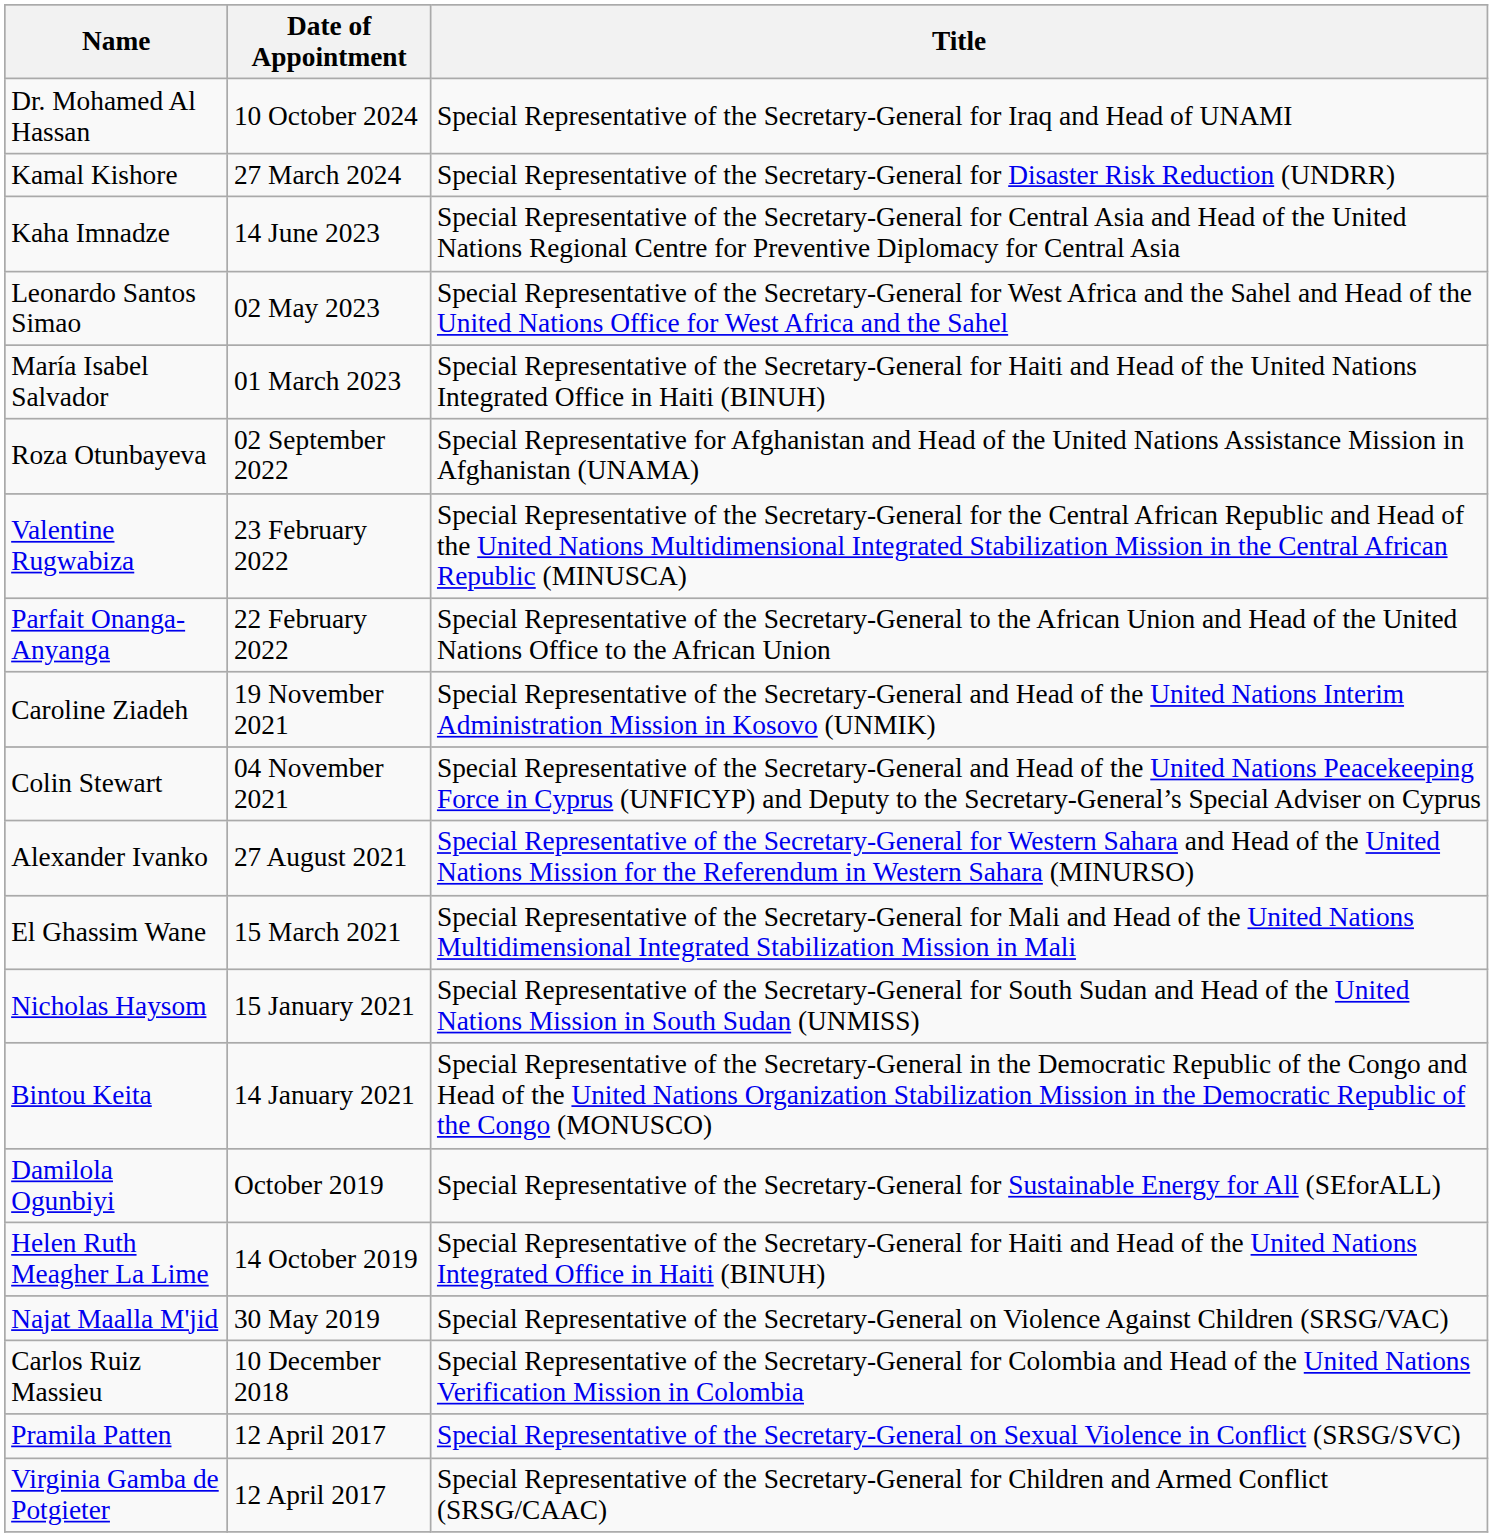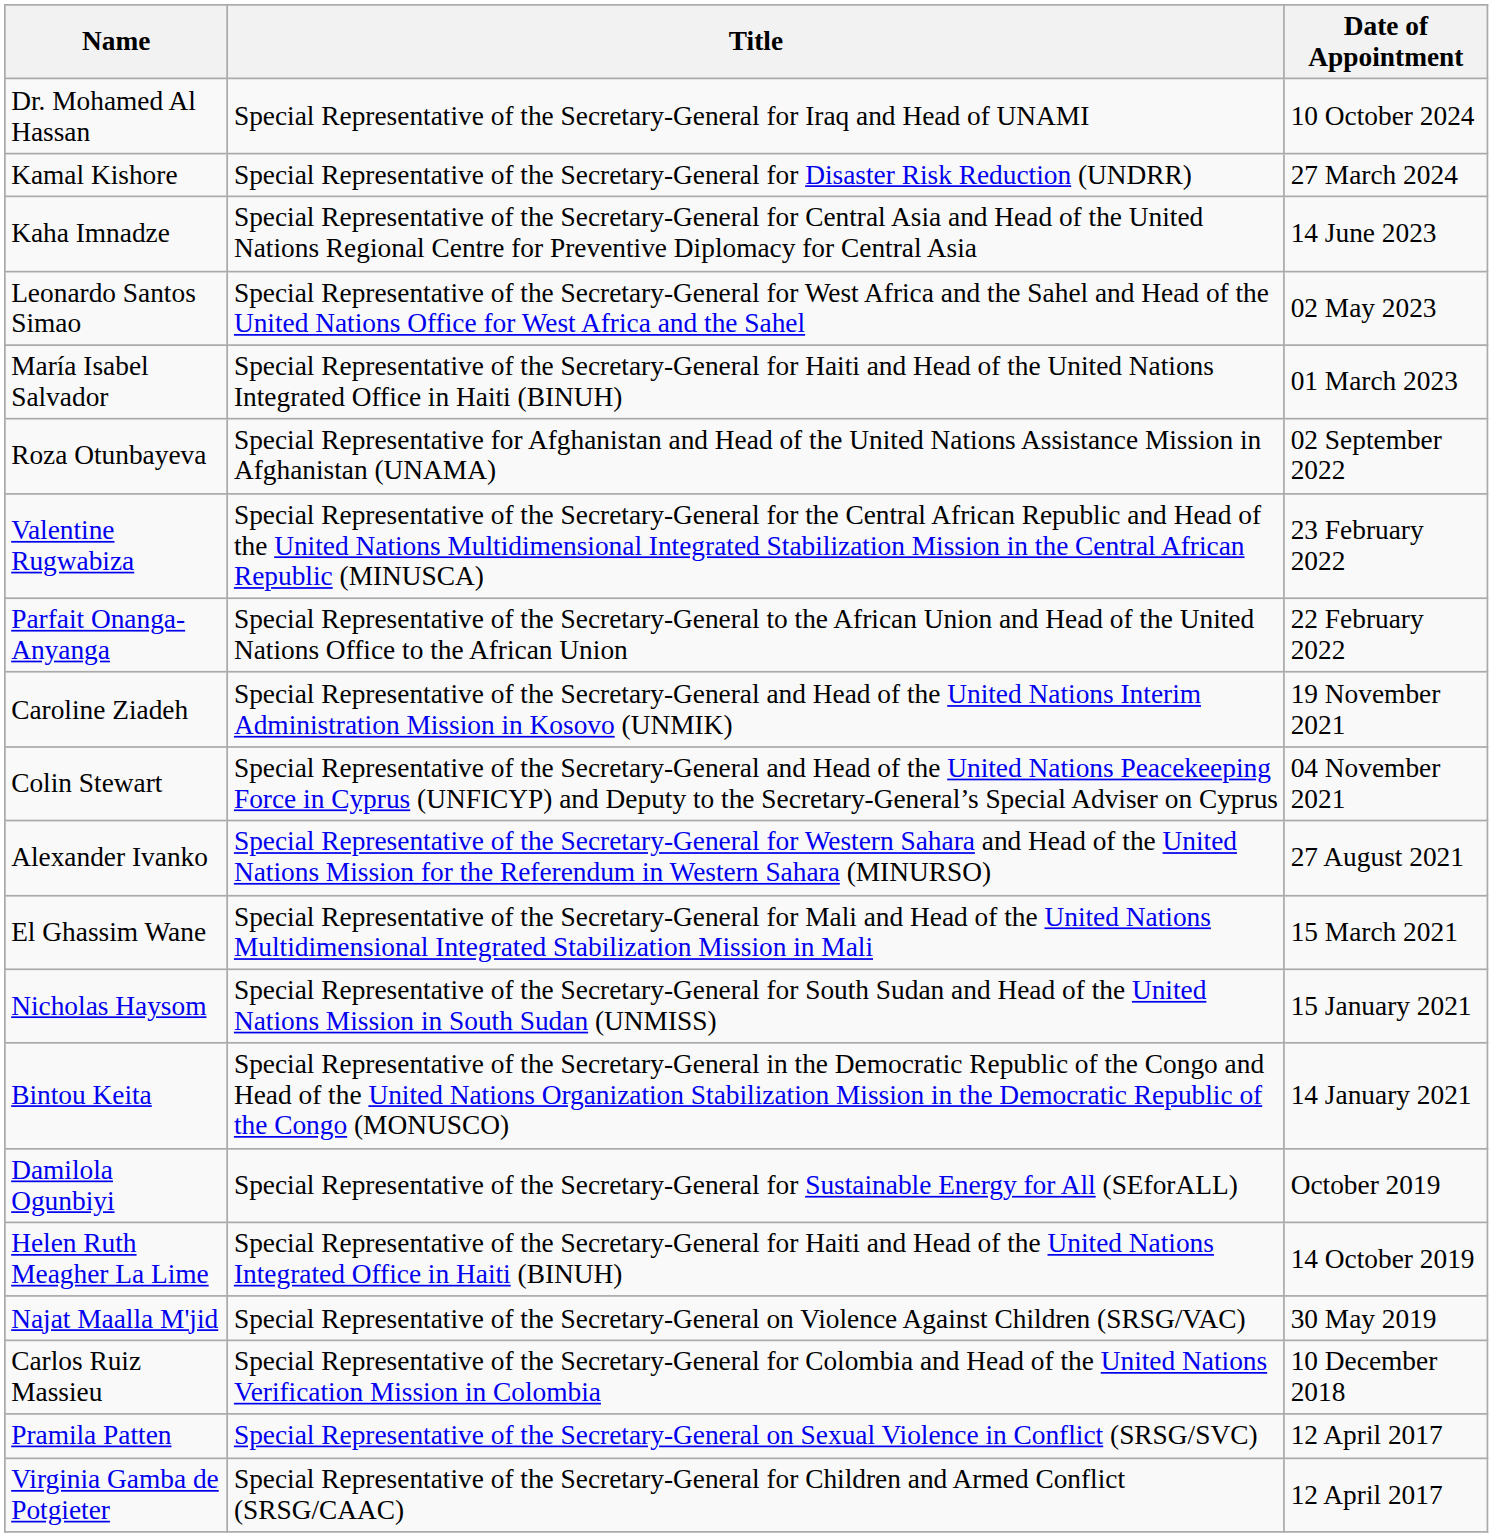 <table class="wikitable sortable mw-collapsible mw-collapsed">
 <tr>
 <th>Name</th>
+<th>Title</th>
 <th>Date of Appointment</th>
-<th>Title</th>
 </tr>
 <tr>
 <td>Dr. Mohamed Al Hassan</td>
+<td>Special Representative of the Secretary-General for Iraq and Head of UNAMI</td>
 <td>10 October 2024</td>
-<td>Special Representative of the Secretary-General for Iraq and Head of UNAMI</td>
 </tr>
 <tr>
 <td>Kamal Kishore</td>
+<td>Special Representative of the Secretary-General for <a href='#'>Disaster Risk Reduction</a> (UNDRR)</td>
 <td>27 March 2024</td>
-<td>Special Representative of the Secretary-General for <a href='#'>Disaster Risk Reduction</a> (UNDRR)</td>
 </tr>
 <tr>
 <td>Kaha Imnadze</td>
+<td>Special Representative of the Secretary-General for Central Asia and Head of the United Nations Regional Centre for Preventive Diplomacy for Central Asia</td>
 <td>14 June 2023</td>
-<td>Special Representative of the Secretary-General for Central Asia and Head of the United Nations Regional Centre for Preventive Diplomacy for Central Asia</td>
 </tr>
 <tr>
 <td>Leonardo Santos Simao</td>
+<td>Special Representative of the Secretary-General for West Africa and the Sahel and Head of the <a href='#'>United Nations Office for West Africa and the Sahel</a></td>
 <td>02 May 2023</td>
-<td>Special Representative of the Secretary-General for West Africa and the Sahel and Head of the <a href='#'>United Nations Office for West Africa and the Sahel</a></td>
 </tr>
 <tr>
 <td>María Isabel Salvador</td>
+<td>Special Representative of the Secretary-General for Haiti and Head of the United Nations Integrated Office in Haiti (BINUH)</td>
 <td>01 March 2023</td>
-<td>Special Representative of the Secretary-General for Haiti and Head of the United Nations Integrated Office in Haiti (BINUH)</td>
 </tr>
 <tr>
 <td>Roza Otunbayeva</td>
+<td>Special Representative for Afghanistan and Head of the United Nations Assistance Mission in Afghanistan (UNAMA)</td>
 <td>02 September 2022</td>
-<td>Special Representative for Afghanistan and Head of the United Nations Assistance Mission in Afghanistan (UNAMA)</td>
 </tr>
 <tr>
 <td><a href='#'>Valentine Rugwabiza</a></td>
+<td>Special Representative of the Secretary-General for the Central African Republic and Head of the <a href='#'>United Nations Multidimensional Integrated Stabilization Mission in the Central African Republic</a> (MINUSCA)</td>
 <td>23 February 2022</td>
-<td>Special Representative of the Secretary-General for the Central African Republic and Head of the <a href='#'>United Nations Multidimensional Integrated Stabilization Mission in the Central African Republic</a> (MINUSCA)</td>
 </tr>
 <tr>
 <td><a href='#'>Parfait Onanga-Anyanga</a></td>
+<td>Special Representative of the Secretary-General to the African Union and Head of the United Nations Office to the African Union</td>
 <td>22 February 2022</td>
-<td>Special Representative of the Secretary-General to the African Union and Head of the United Nations Office to the African Union</td>
 </tr>
 <tr>
 <td>Caroline Ziadeh</td>
+<td>Special Representative of the Secretary-General and Head of the <a href='#'>United Nations Interim Administration Mission in Kosovo</a> (UNMIK)</td>
 <td>19 November 2021</td>
-<td>Special Representative of the Secretary-General and Head of the <a href='#'>United Nations Interim Administration Mission in Kosovo</a> (UNMIK)</td>
 </tr>
 <tr>
 <td>Colin Stewart</td>
+<td>Special Representative of the Secretary-General and Head of the <a href='#'>United Nations Peacekeeping Force in Cyprus</a> (UNFICYP) and Deputy to the Secretary-General’s Special Adviser on Cyprus</td>
 <td>04 November 2021</td>
-<td>Special Representative of the Secretary-General and Head of the <a href='#'>United Nations Peacekeeping Force in Cyprus</a> (UNFICYP) and Deputy to the Secretary-General’s Special Adviser on Cyprus</td>
 </tr>
 <tr>
 <td>Alexander Ivanko</td>
+<td><a href='#'>Special Representative of the Secretary-General for Western Sahara</a> and Head of the <a href='#'>United Nations Mission for the Referendum in Western Sahara</a> (MINURSO)</td>
 <td>27 August 2021</td>
-<td><a href='#'>Special Representative of the Secretary-General for Western Sahara</a> and Head of the <a href='#'>United Nations Mission for the Referendum in Western Sahara</a> (MINURSO)</td>
 </tr>
 <tr>
 <td>El Ghassim Wane</td>
+<td>Special Representative of the Secretary-General for Mali and Head of the <a href='#'>United Nations Multidimensional Integrated Stabilization Mission in Mali</a></td>
 <td>15 March 2021</td>
-<td>Special Representative of the Secretary-General for Mali and Head of the <a href='#'>United Nations Multidimensional Integrated Stabilization Mission in Mali</a></td>
 </tr>
 <tr>
 <td><a href='#'>Nicholas Haysom</a></td>
+<td>Special Representative of the Secretary-General for South Sudan and Head of the <a href='#'>United Nations Mission in South Sudan</a> (UNMISS)</td>
 <td>15 January 2021</td>
-<td>Special Representative of the Secretary-General for South Sudan and Head of the <a href='#'>United Nations Mission in South Sudan</a> (UNMISS)</td>
 </tr>
 <tr>
 <td><a href='#'>Bintou Keita</a></td>
+<td>Special Representative of the Secretary-General in the Democratic Republic of the Congo and Head of the <a href='#'>United Nations Organization Stabilization Mission in the Democratic Republic of the Congo</a> (MONUSCO)</td>
 <td>14 January 2021</td>
-<td>Special Representative of the Secretary-General in the Democratic Republic of the Congo and Head of the <a href='#'>United Nations Organization Stabilization Mission in the Democratic Republic of the Congo</a> (MONUSCO)</td>
 </tr>
 <tr>
 <td><a href='#'>Damilola Ogunbiyi</a></td>
+<td>Special Representative of the Secretary-General for <a href='#'>Sustainable Energy for All</a> (SEforALL)</td>
 <td>October 2019</td>
-<td>Special Representative of the Secretary-General for <a href='#'>Sustainable Energy for All</a> (SEforALL)</td>
 </tr>
 <tr>
 <td><a href='#'>Helen Ruth Meagher La Lime</a></td>
+<td>Special Representative of the Secretary-General for Haiti and Head of the <a href='#'>United Nations Integrated Office in Haiti</a> (BINUH)</td>
 <td>14 October 2019</td>
-<td>Special Representative of the Secretary-General for Haiti and Head of the <a href='#'>United Nations Integrated Office in Haiti</a> (BINUH)</td>
 </tr>
 <tr>
 <td><a href='#'>Najat Maalla M'jid</a></td>
+<td>Special Representative of the Secretary-General on Violence Against Children (SRSG/VAC)</td>
 <td>30 May 2019</td>
-<td>Special Representative of the Secretary-General on Violence Against Children (SRSG/VAC)</td>
 </tr>
 <tr>
 <td>Carlos Ruiz Massieu</td>
+<td>Special Representative of the Secretary-General for Colombia and Head of the <a href='#'>United Nations Verification Mission in Colombia</a></td>
 <td>10 December 2018</td>
-<td>Special Representative of the Secretary-General for Colombia and Head of the <a href='#'>United Nations Verification Mission in Colombia</a></td>
 </tr>
 <tr>
 <td><a href='#'>Pramila Patten</a></td>
+<td><a href='#'>Special Representative of the Secretary-General on Sexual Violence in Conflict</a> (SRSG/SVC)</td>
 <td>12 April 2017</td>
-<td><a href='#'>Special Representative of the Secretary-General on Sexual Violence in Conflict</a> (SRSG/SVC)</td>
 </tr>
 <tr>
 <td><a href='#'>Virginia Gamba de Potgieter</a></td>
+<td>Special Representative of the Secretary-General for Children and Armed Conflict (SRSG/CAAC)</td>
 <td>12 April 2017</td>
-<td>Special Representative of the Secretary-General for Children and Armed Conflict (SRSG/CAAC)</td>
 </tr>
 </table>
